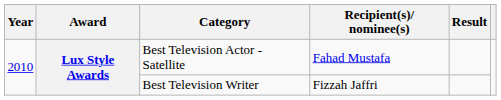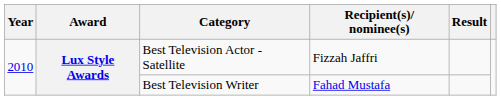 <table class="wikitable plainrowheaders">
 <tr>
 <th>Year</th>
 <th>Award</th>
 <th>Category</th>
 <th>Recipient(s)/ nominee(s)</th>
 <th scope="col" class="unsortable">Result</th>
 <th scope="col" class="unsortable"></th>
 </tr>
 <tr>
 <td rowspan="2"><a href='#'>2010</a></td>
 <th scope="row" rowspan="2"><a href='#'>Lux Style Awards</a></th>
 <td>Best Television Actor - Satellite</td>
-<td><a href='#'>Fahad Mustafa</a></td>
+<td>Fizzah Jaffri</td>
 <td></td>
 <td rowspan="2"></td>
 </tr>
 <tr>
 <td>Best Television Writer</td>
-<td>Fizzah Jaffri</td>
+<td><a href='#'>Fahad Mustafa</a></td>
 <td></td>
 </tr>
 </table>
